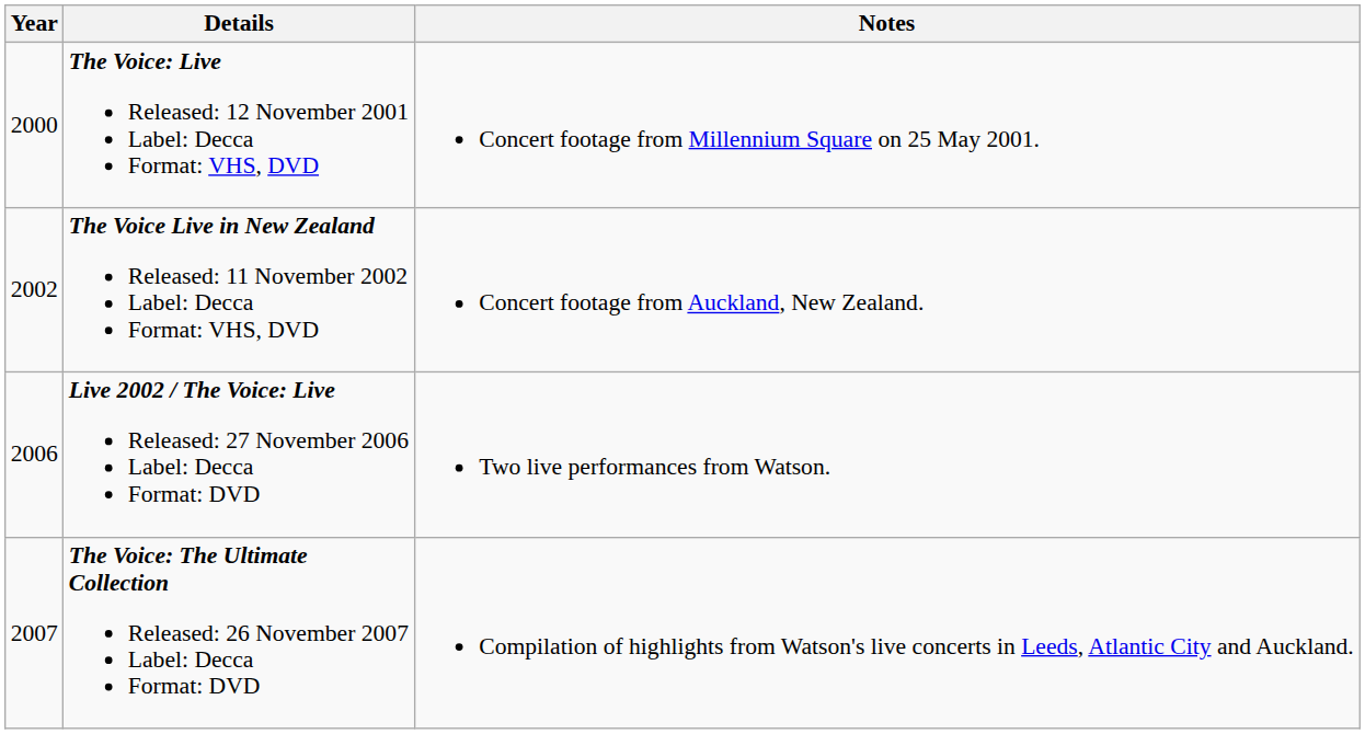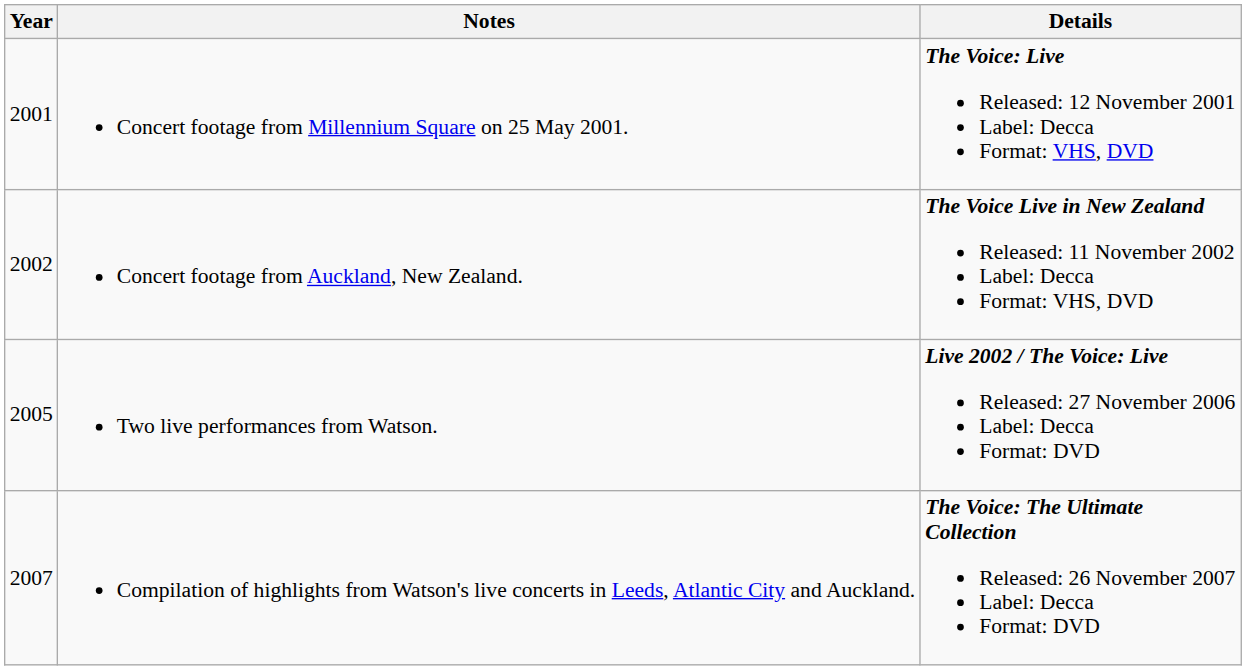 <table class="wikitable">
 <tr>
 <th>Year</th>
+<th>Notes</th>
 <th width="230">Details</th>
-<th>Notes</th>
 </tr>
 <tr>
-<td>2000</td>
+<td>2001</td>
+<td><br><ul><li>Concert footage from <a href='#'>Millennium Square</a> on 25 May 2001.</li></ul></td>
 <td align="left"><strong><em>The Voice: Live</em></strong><br><ul><li>Released: 12 November 2001</li><li>Label: Decca</li><li>Format: <a href='#'>VHS</a>, <a href='#'>DVD</a></li></ul></td>
-<td><br><ul><li>Concert footage from <a href='#'>Millennium Square</a> on 25 May 2001.</li></ul></td>
 </tr>
 <tr>
 <td>2002</td>
+<td><br><ul><li>Concert footage from <a href='#'>Auckland</a>, New Zealand.</li></ul></td>
 <td align="left"><strong><em>The Voice Live in New Zealand</em></strong><br><ul><li>Released: 11 November 2002</li><li>Label: Decca</li><li>Format: VHS, DVD</li></ul></td>
-<td><br><ul><li>Concert footage from <a href='#'>Auckland</a>, New Zealand.</li></ul></td>
 </tr>
 <tr>
-<td>2006</td>
+<td>2005</td>
+<td><br><ul><li>Two live performances from Watson.</li></ul></td>
 <td align="left"><strong><em>Live 2002 / The Voice: Live</em></strong><br><ul><li>Released: 27 November 2006</li><li>Label: Decca</li><li>Format: DVD</li></ul></td>
-<td><br><ul><li>Two live performances from Watson.</li></ul></td>
 </tr>
 <tr>
 <td>2007</td>
+<td><br><ul><li>Compilation of highlights from Watson's live concerts in <a href='#'>Leeds</a>, <a href='#'>Atlantic City</a> and Auckland.</li></ul></td>
 <td align="left"><strong><em>The Voice: The Ultimate Collection</em></strong><br><ul><li>Released: 26 November 2007</li><li>Label: Decca</li><li>Format: DVD</li></ul></td>
-<td><br><ul><li>Compilation of highlights from Watson's live concerts in <a href='#'>Leeds</a>, <a href='#'>Atlantic City</a> and Auckland.</li></ul></td>
 </tr>
 </table>
